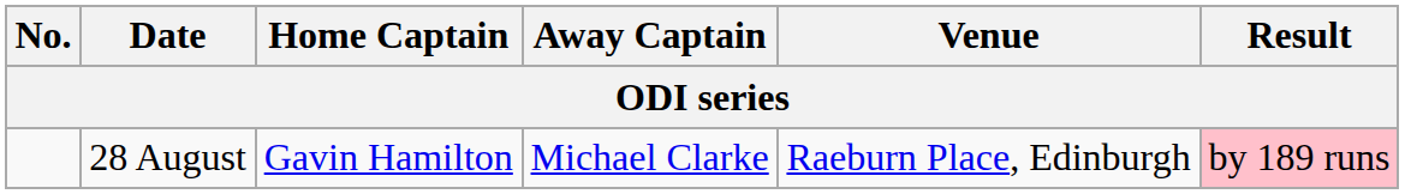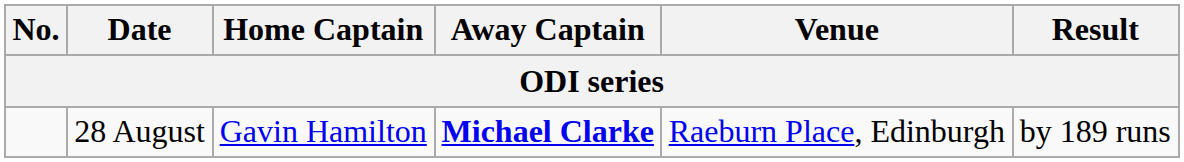 <table class="wikitable">
 <tr>
 <th>No.</th>
 <th>Date</th>
 <th>Home Captain</th>
 <th>Away Captain</th>
 <th>Venue</th>
 <th>Result</th>
 </tr>
 <tr>
 <th colspan="9">ODI series</th>
 </tr>
 <tr>
 <td></td>
 <td>28 August</td>
 <td><a href='#'>Gavin Hamilton</a></td>
-<td><a href='#'>Michael Clarke</a></td>
+<td><strong><a href='#'>Michael Clarke</a></strong></td>
 <td><a href='#'>Raeburn Place</a>, Edinburgh</td>
-<td style="background: pink;"> by 189 runs</td>
+<td> by 189 runs</td>
 </tr>
 </table>
